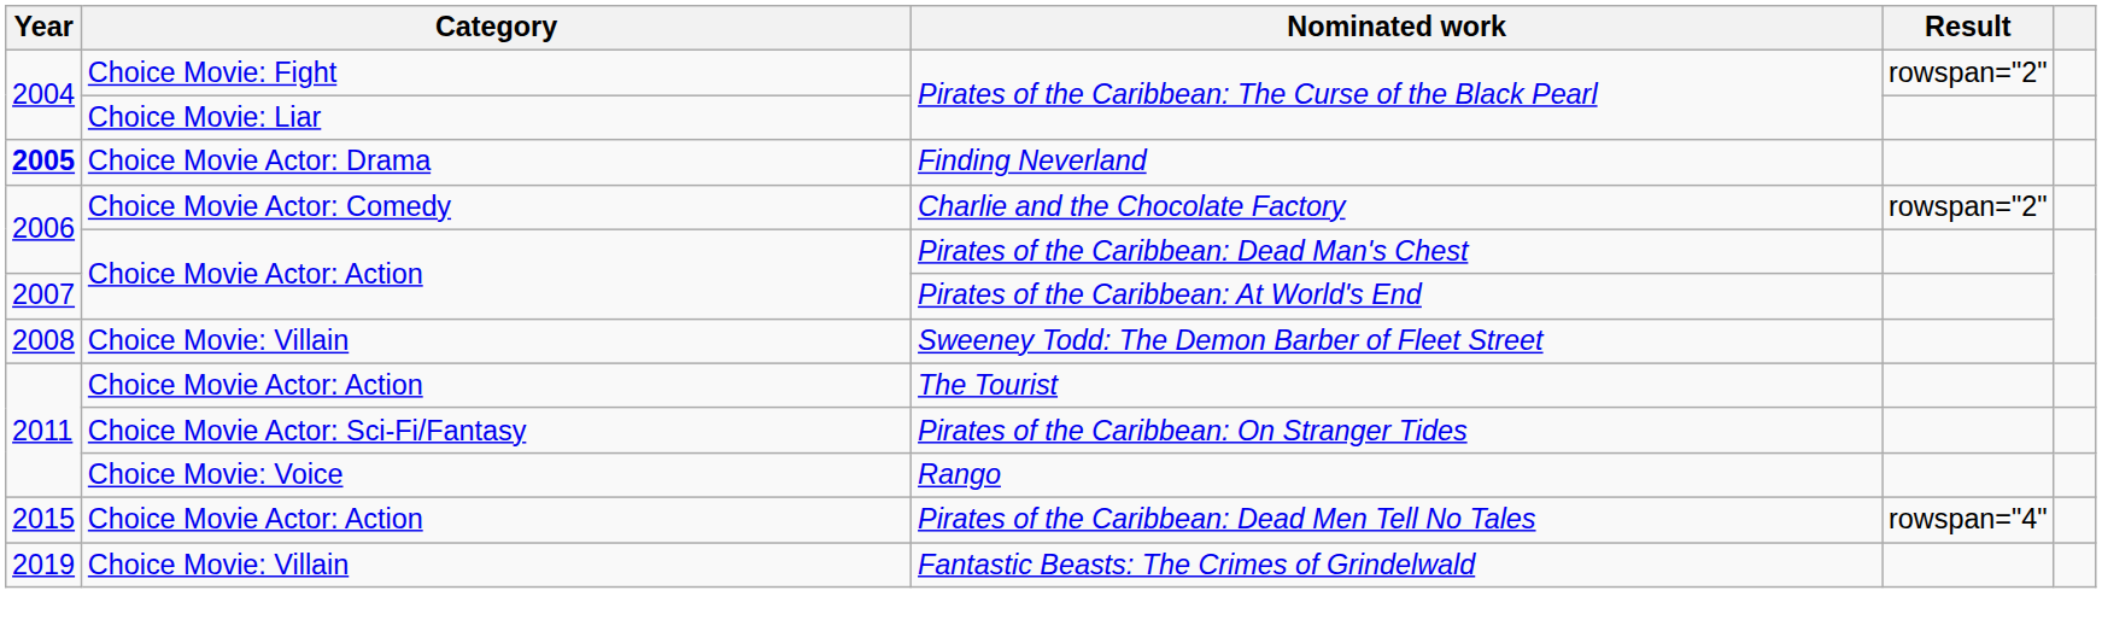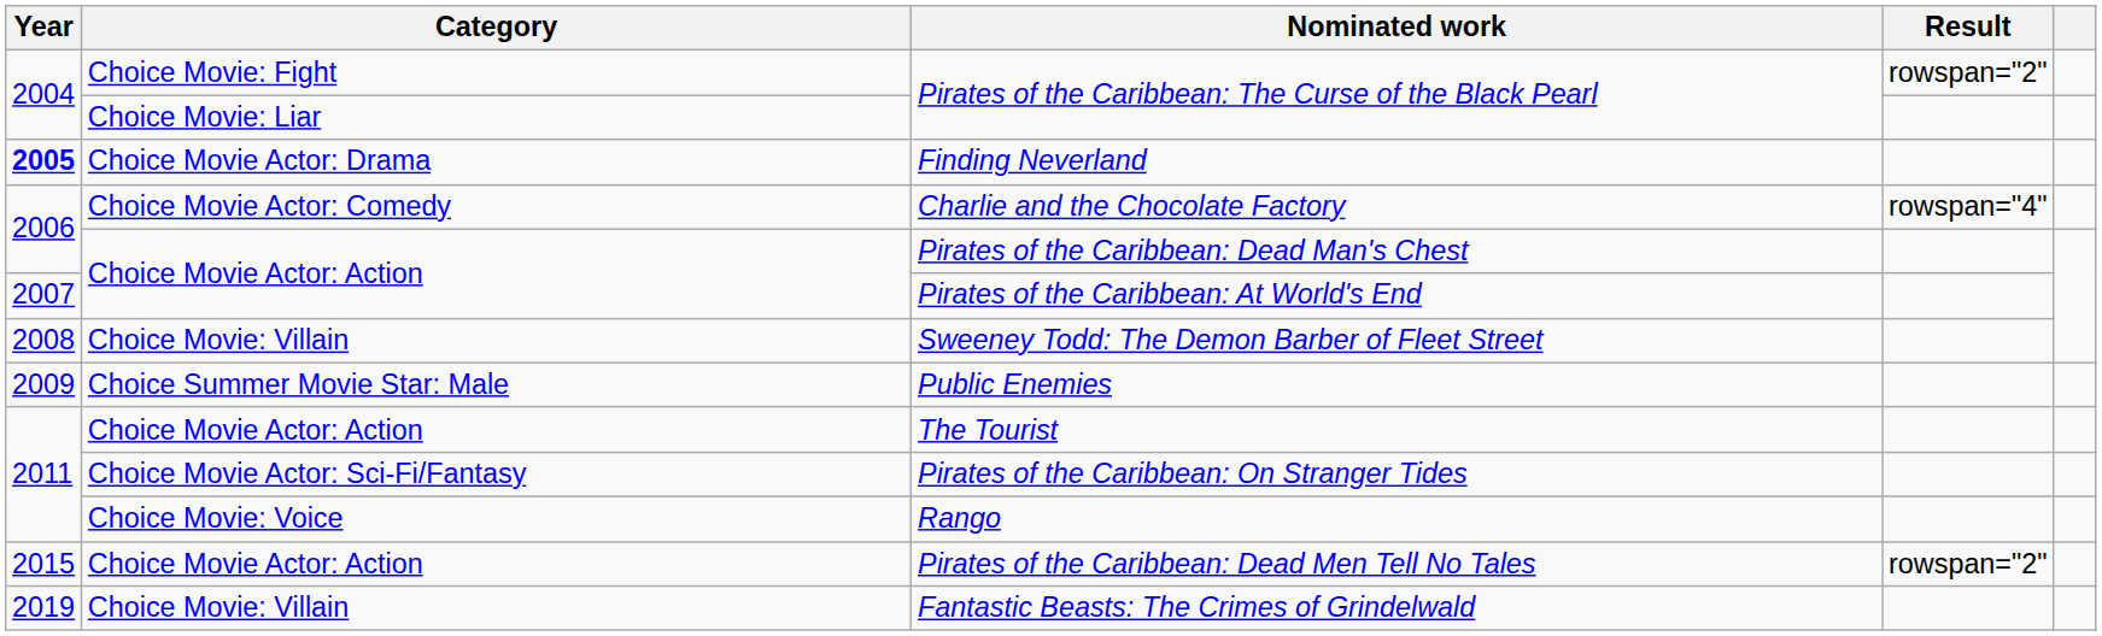 <table class="wikitable sortable">
 <tr>
 <th scope="col" style="width:1em;">Year</th>
 <th scope="col" style="width:29em;">Category</th>
 <th scope="col" style="width:34em;">Nominated work</th>
 <th scope="col" style="width:5em;">Result</th>
 <th scope="col" class="unsortable" style="width:1em;"></th>
 </tr>
 <tr>
 <td rowspan="2"><a href='#'>2004</a></td>
 <td><a href='#'>Choice Movie: Fight</a> </td>
 <td rowspan="2"><em><a href='#'>Pirates of the Caribbean: The Curse of the Black Pearl</a></em></td>
 <td>rowspan="2" </td>
 <td></td>
 </tr>
 <tr>
 <td><a href='#'>Choice Movie: Liar</a></td>
 <td></td>
 </tr>
 <tr>
 <td><strong><a href='#'>2005</a></strong></td>
 <td><a href='#'>Choice Movie Actor: Drama</a></td>
 <td><em><a href='#'>Finding Neverland</a></em></td>
 <td></td>
 <td></td>
 </tr>
 <tr>
 <td rowspan="2"><a href='#'>2006</a></td>
 <td><a href='#'>Choice Movie Actor: Comedy</a></td>
 <td><em><a href='#'>Charlie and the Chocolate Factory</a></em></td>
-<td>rowspan="2" </td>
+<td>rowspan="4" </td>
 <td></td>
 </tr>
 <tr>
 <td rowspan="2"><a href='#'>Choice Movie Actor: Action</a></td>
 <td><em><a href='#'>Pirates of the Caribbean: Dead Man's Chest</a></em></td>
 <td></td>
 </tr>
 <tr>
 <td><a href='#'>2007</a></td>
 <td><em><a href='#'>Pirates of the Caribbean: At World's End</a></em></td>
 <td></td>
 </tr>
 <tr>
 <td><a href='#'>2008</a></td>
 <td><a href='#'>Choice Movie: Villain</a></td>
 <td><em><a href='#'>Sweeney Todd: The Demon Barber of Fleet Street</a></em></td>
+<td></td>
+</tr>
+<tr>
+<td><a href='#'>2009</a></td>
+<td><a href='#'>Choice Summer Movie Star: Male</a></td>
+<td><em><a href='#'>Public Enemies</a></em></td>
+<td></td>
 <td></td>
 </tr>
 <tr>
 <td rowspan="3"><a href='#'>2011</a></td>
 <td><a href='#'>Choice Movie Actor: Action</a></td>
 <td><em><a href='#'>The Tourist</a></em></td>
 <td></td>
 <td></td>
 </tr>
 <tr>
 <td><a href='#'>Choice Movie Actor: Sci-Fi/Fantasy</a></td>
 <td><em><a href='#'>Pirates of the Caribbean: On Stranger Tides</a></em></td>
 <td></td>
 <td></td>
 </tr>
 <tr>
 <td><a href='#'>Choice Movie: Voice</a></td>
 <td><em><a href='#'>Rango</a></em></td>
 <td></td>
 <td></td>
 </tr>
 <tr>
 <td><a href='#'>2015</a></td>
 <td><a href='#'>Choice Movie Actor: Action</a></td>
 <td><em><a href='#'>Pirates of the Caribbean: Dead Men Tell No Tales</a></em></td>
-<td>rowspan="4" </td>
+<td>rowspan="2" </td>
 <td></td>
 </tr>
 <tr>
 <td><a href='#'>2019</a></td>
 <td><a href='#'>Choice Movie: Villain</a></td>
 <td><em><a href='#'>Fantastic Beasts: The Crimes of Grindelwald</a></em></td>
 <td></td>
 </tr>
 </table>
